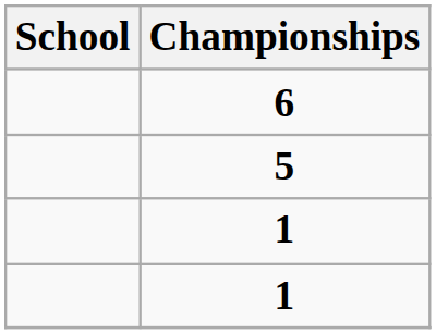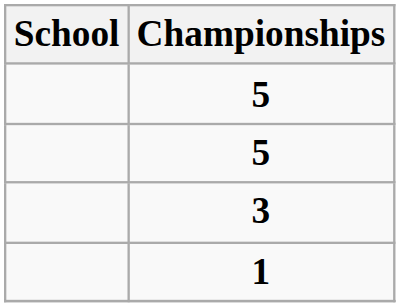 <table class="wikitable sortable" style="text-align:center">
 <tr>
 <th>School</th>
 <th>Championships</th>
 </tr>
 <tr>
 <td><strong><a href='#'></a></strong></td>
-<td><strong>6</strong></td>
+<td><strong>5</strong></td>
 </tr>
 <tr>
 <td><strong><a href='#'></a></strong></td>
 <td><strong>5</strong></td>
 </tr>
 <tr>
 <td><strong><a href='#'></a></strong></td>
-<td><strong>1</strong></td>
+<td><strong>3</strong></td>
 </tr>
 <tr>
 <td><strong><a href='#'></a></strong></td>
 <td><strong>1</strong></td>
 </tr>
 <tr>
 </tr>
 </table>
